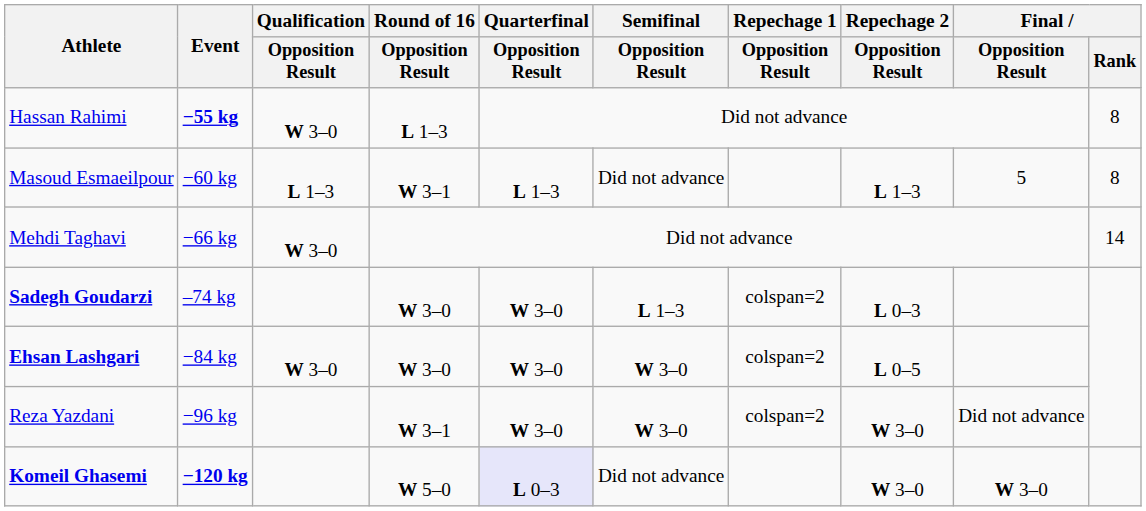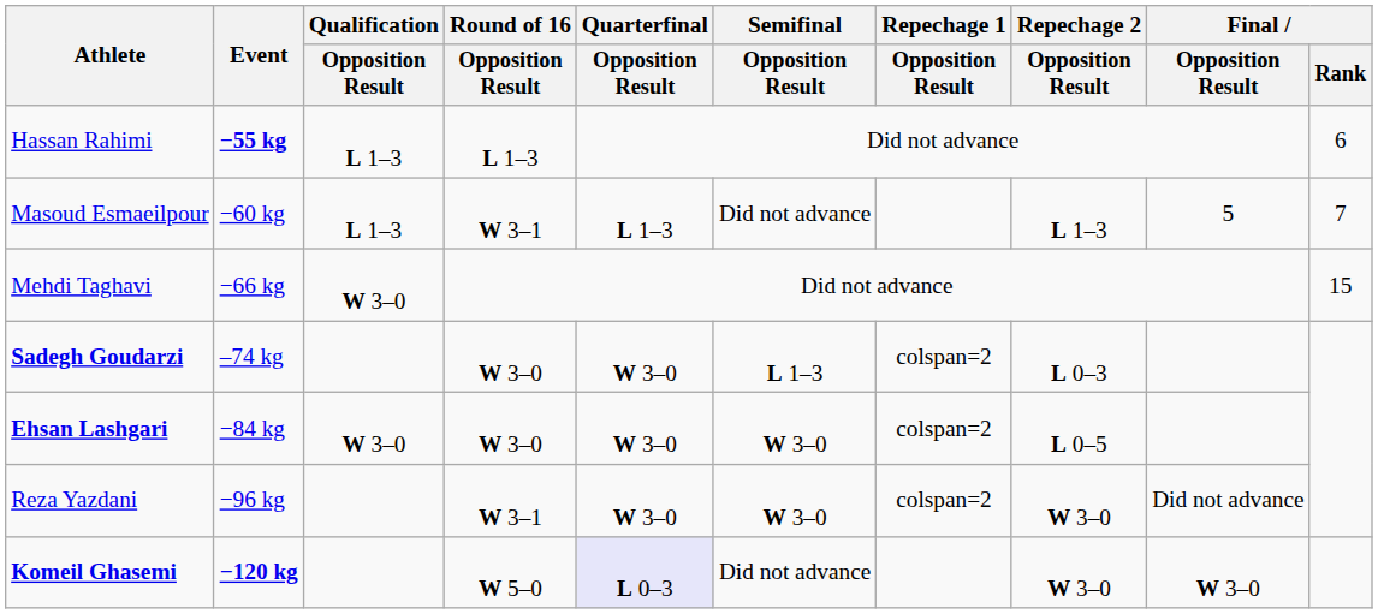 <table class="wikitable" style="font-size:90%;">
 <tr>
 <th rowspan=2>Athlete</th>
 <th rowspan=2>Event</th>
 <th>Qualification</th>
 <th>Round of 16</th>
 <th>Quarterfinal</th>
 <th>Semifinal</th>
 <th>Repechage 1</th>
 <th>Repechage 2</th>
 <th colspan=2>Final / </th>
 </tr>
 <tr style="font-size: 95%">
 <th>Opposition<br>Result</th>
 <th>Opposition<br>Result</th>
 <th>Opposition<br>Result</th>
 <th>Opposition<br>Result</th>
 <th>Opposition<br>Result</th>
 <th>Opposition<br>Result</th>
 <th>Opposition<br>Result</th>
 <th>Rank</th>
 </tr>
 <tr align=center>
 <td align=left><a href='#'>Hassan Rahimi</a></td>
 <td align=left><strong><a href='#'>−55 kg</a></strong></td>
-<td><br><strong>W</strong> 3–0 <sup></sup></td>
+<td><br><strong>L</strong> 1–3 <sup></sup></td>
 <td><br><strong>L</strong> 1–3 <sup></sup></td>
 <td colspan=5>Did not advance</td>
-<td>8</td>
+<td>6</td>
 </tr>
 <tr align=center>
 <td align=left><a href='#'>Masoud Esmaeilpour</a></td>
 <td align=left><a href='#'>−60 kg</a></td>
 <td><br><strong>L</strong> 1–3 <sup></sup></td>
 <td><br><strong>W</strong> 3–1 <sup></sup></td>
 <td><br><strong>L</strong> 1–3 <sup></sup></td>
 <td>Did not advance</td>
 <td></td>
 <td><br><strong>L</strong> 1–3 <sup></sup></td>
 <td>5</td>
-<td>8</td>
+<td>7</td>
 </tr>
 <tr align=center>
 <td align=left><a href='#'>Mehdi Taghavi</a></td>
 <td align=left><a href='#'>−66 kg</a></td>
 <td><br><strong>W</strong> 3–0 <sup></sup></td>
 <td colspan=6>Did not advance</td>
-<td>14</td>
+<td>15</td>
 </tr>
 <tr align=center>
 <td align=left><strong><a href='#'>Sadegh Goudarzi</a></strong></td>
 <td align=left><a href='#'>–74 kg</a></td>
 <td></td>
 <td><br><strong>W</strong> 3–0 <sup></sup></td>
 <td><br><strong>W</strong> 3–0 <sup></sup></td>
 <td><br><strong>L</strong> 1–3 <sup></sup></td>
 <td>colspan=2 </td>
 <td><br><strong>L</strong> 0–3 <sup></sup></td>
 <td></td>
 </tr>
 <tr align=center>
 <td align=left><strong><a href='#'>Ehsan Lashgari</a></strong></td>
 <td align=left><a href='#'>−84 kg</a></td>
 <td><br><strong>W</strong> 3–0 <sup></sup></td>
 <td><br><strong>W</strong> 3–0 <sup></sup></td>
 <td><br><strong>W</strong> 3–0 <sup></sup></td>
 <td><br><strong>W</strong> 3–0 <sup></sup></td>
 <td>colspan=2 </td>
 <td><br><strong>L</strong> 0–5 <sup></sup></td>
 <td></td>
 </tr>
 <tr align=center>
 <td align=left><a href='#'>Reza Yazdani</a></td>
 <td align=left><a href='#'>−96 kg</a></td>
 <td></td>
 <td><br><strong>W</strong> 3–1 <sup></sup></td>
 <td><br><strong>W</strong> 3–0 <sup></sup></td>
 <td><br><strong>W</strong> 3–0 <sup></sup></td>
 <td>colspan=2 </td>
 <td><br><strong>W</strong> 3–0 <sup></sup></td>
 <td>Did not advance</td>
 </tr>
 <tr align=center>
 <td align=left><strong><a href='#'>Komeil Ghasemi</a></strong></td>
 <td align=left><strong><a href='#'>−120 kg</a></strong></td>
 <td></td>
 <td><br><strong>W</strong> 5–0 <sup></sup></td>
 <td style="background: lavender;"><br><strong>L</strong> 0–3 <sup></sup></td>
 <td>Did not advance</td>
 <td></td>
 <td><br><strong>W</strong> 3–0 <sup></sup></td>
 <td><br><strong>W</strong> 3–0 <sup></sup></td>
 <td></td>
 </tr>
 </table>
